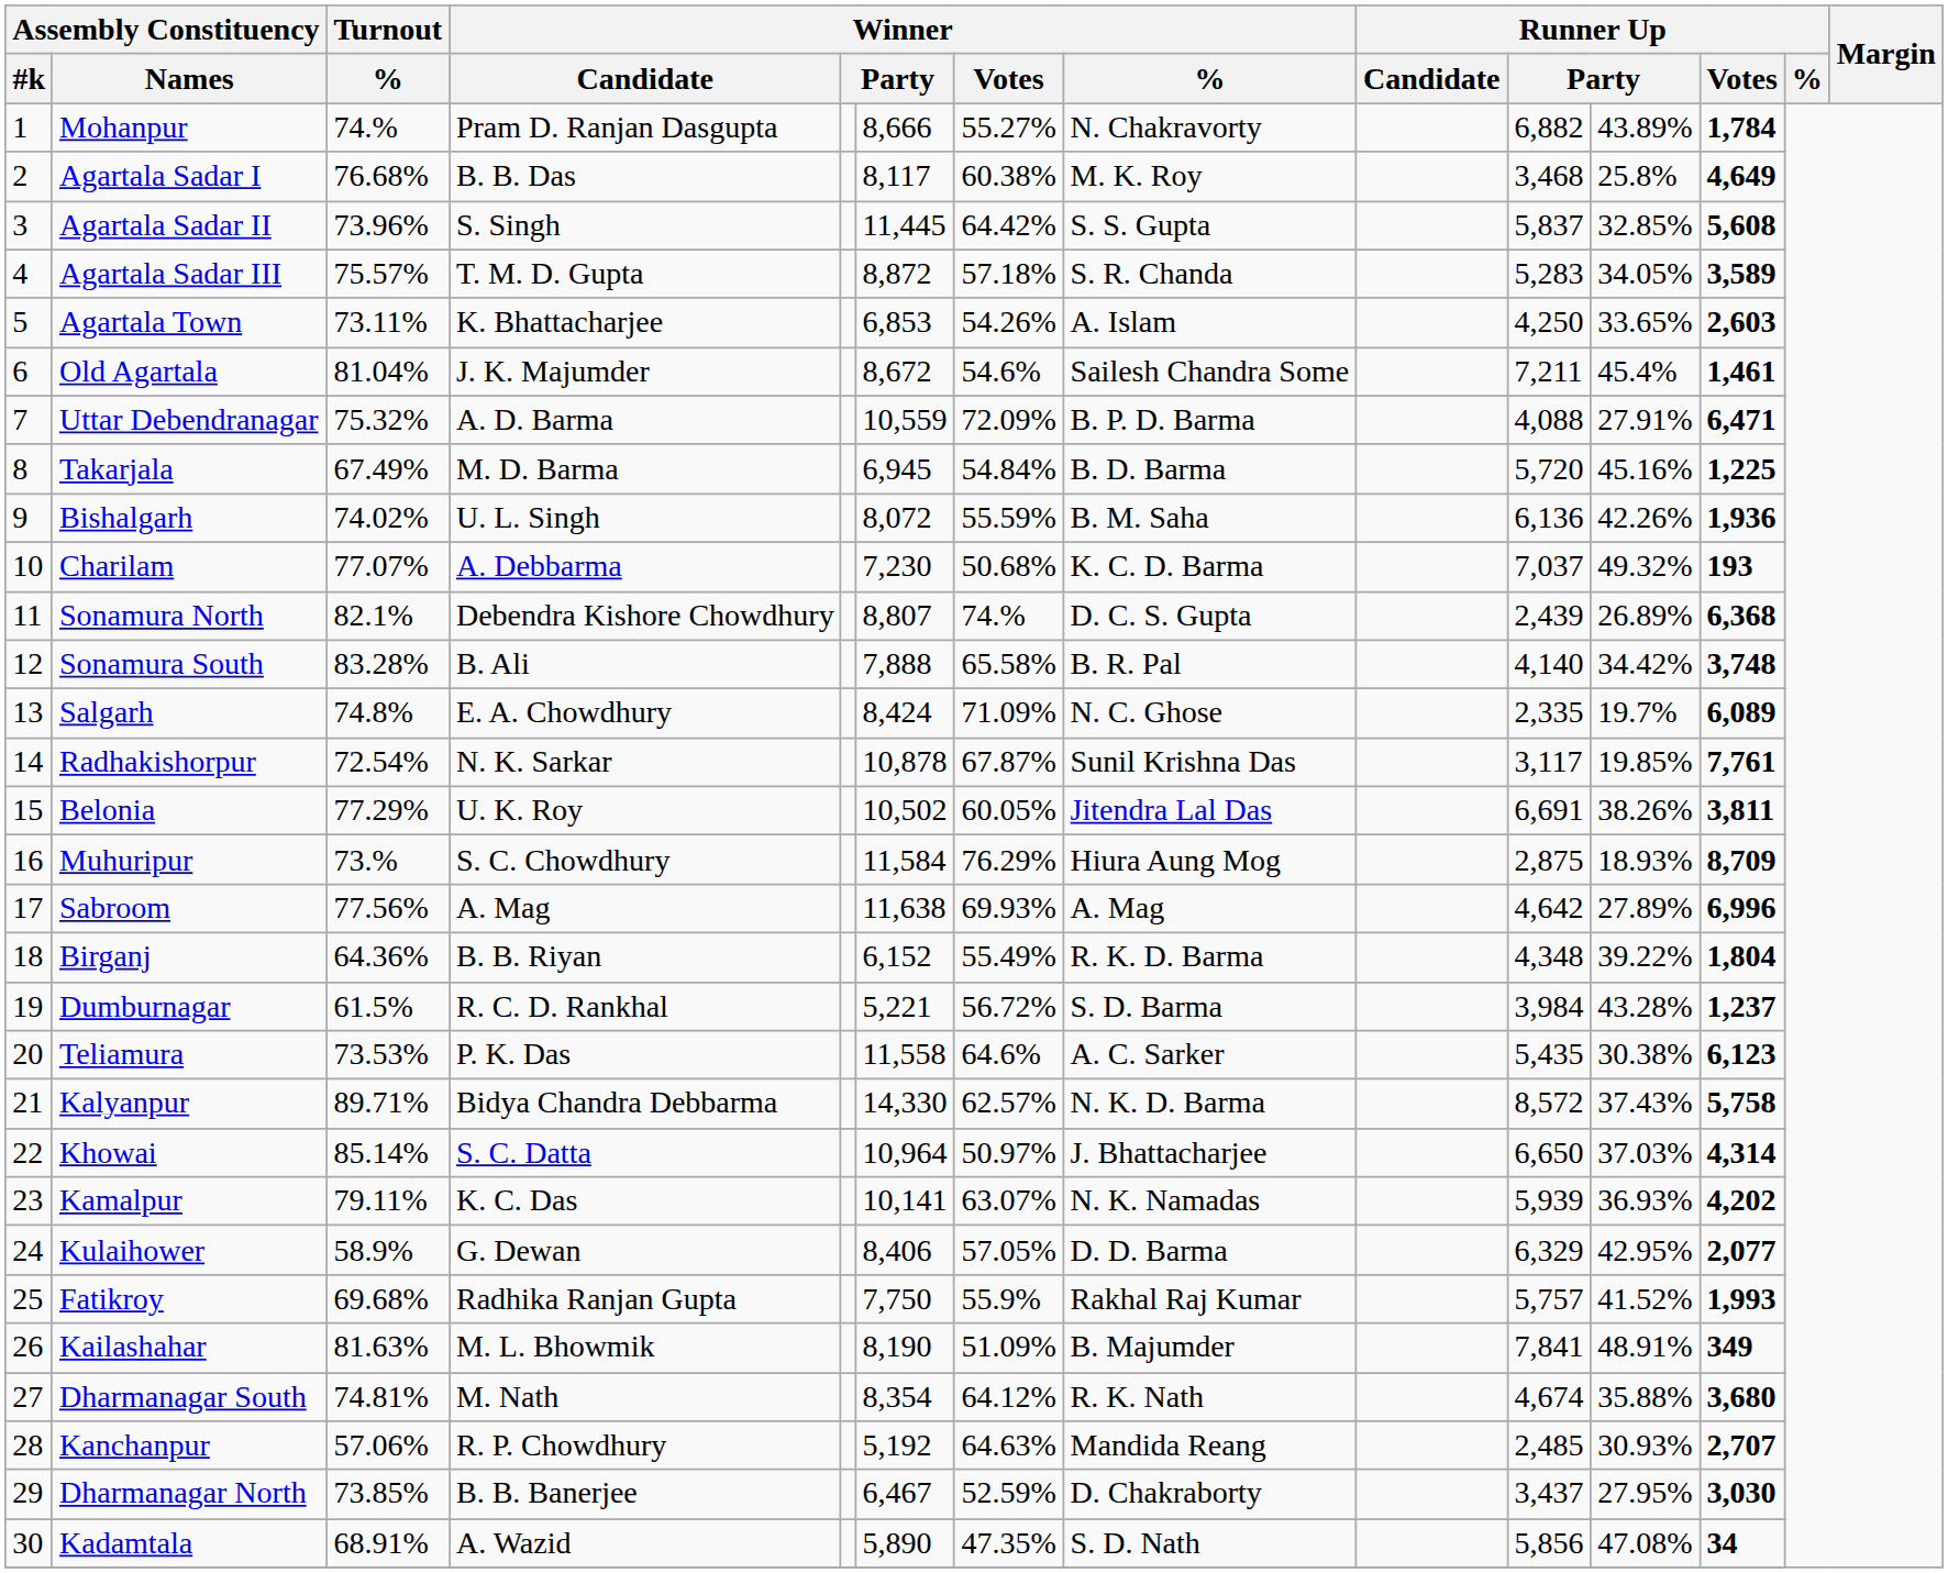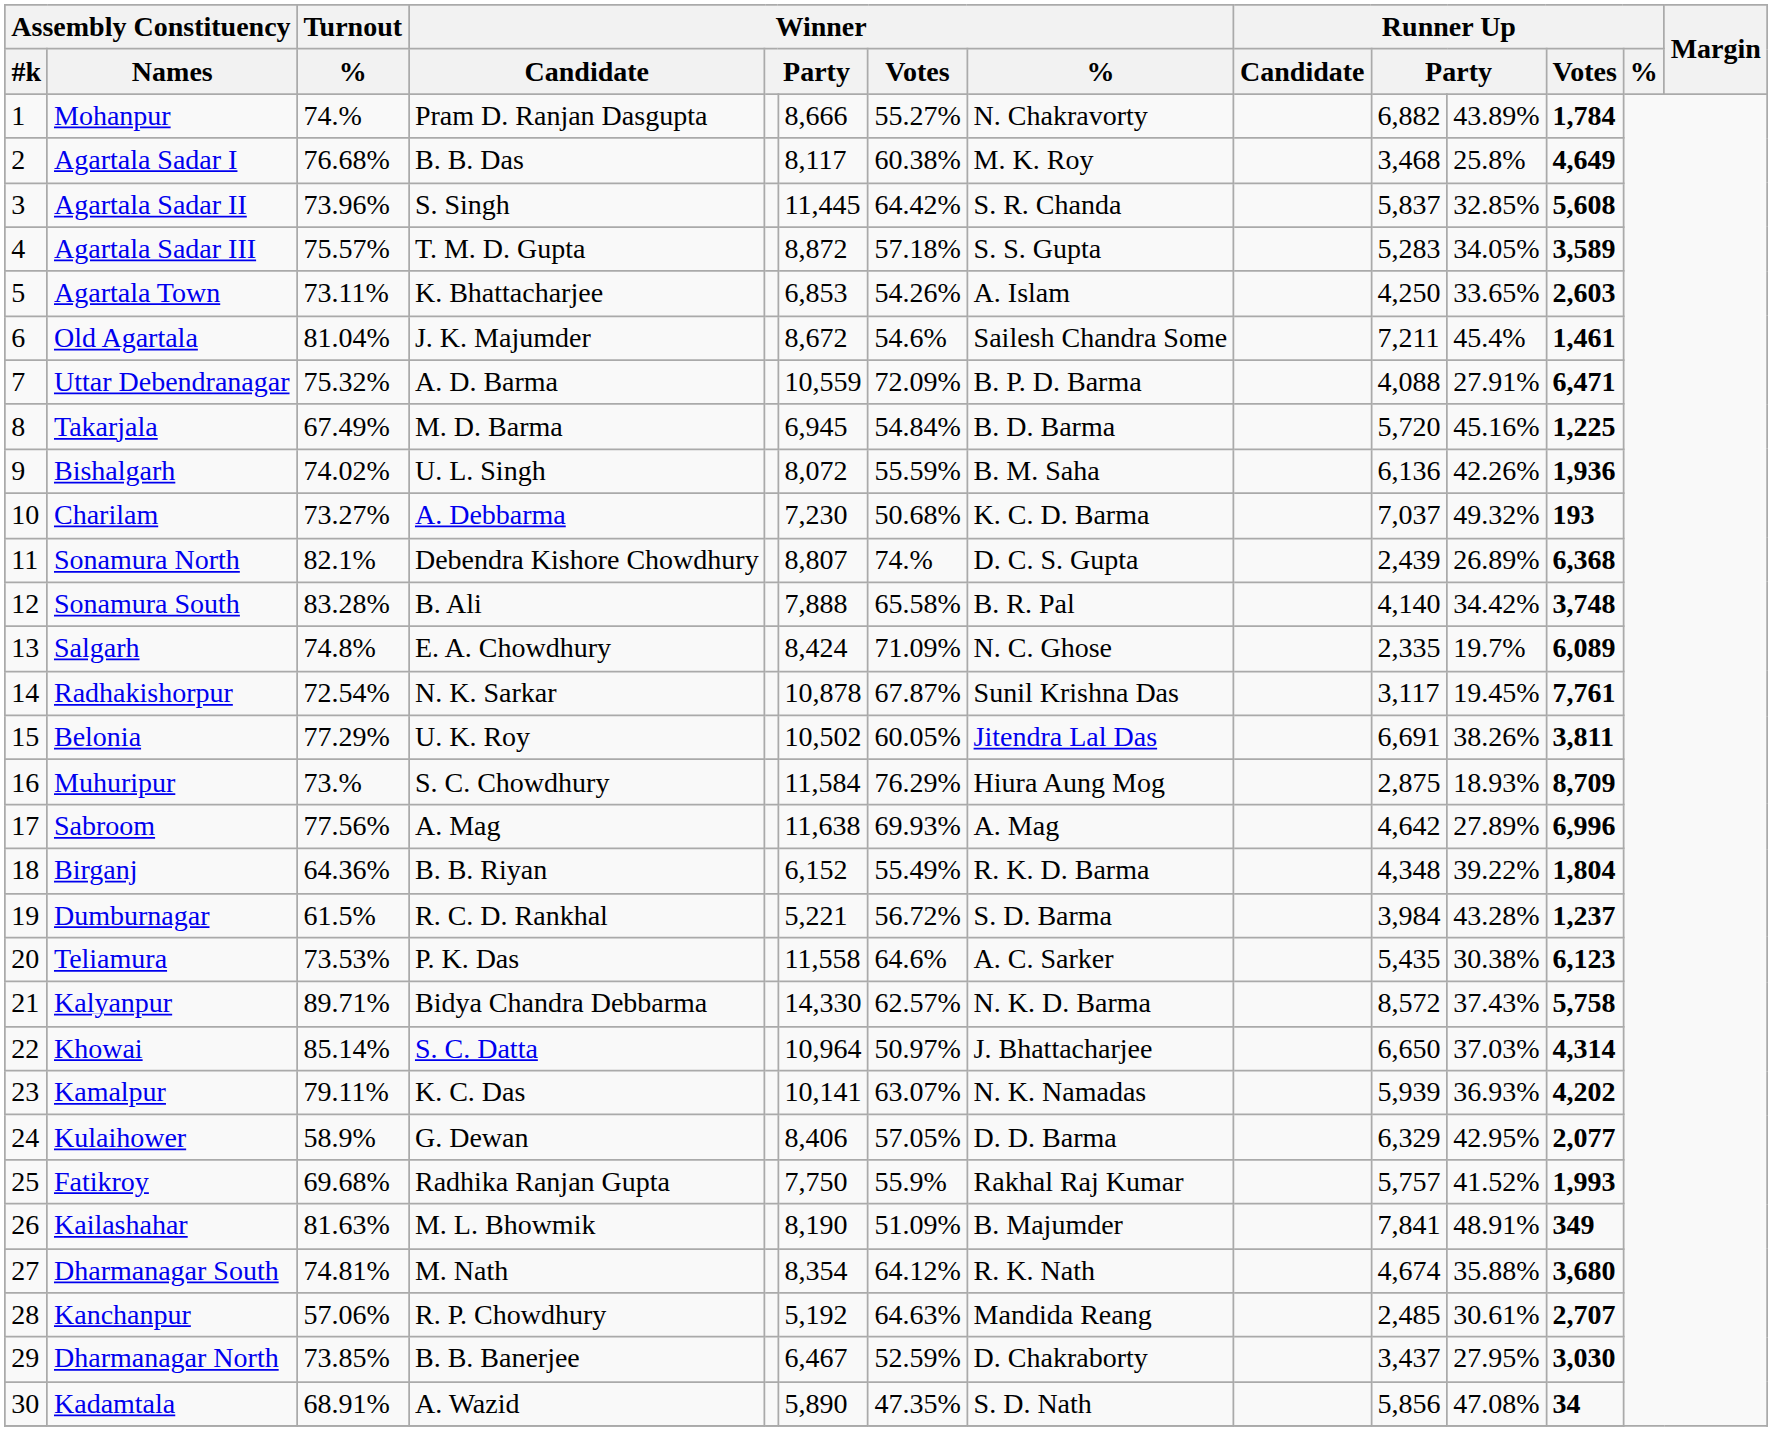 <table class="wikitable sortable">
 <tr>
 <th colspan="2">Assembly Constituency</th>
 <th>Turnout</th>
 <th colspan="5">Winner</th>
 <th colspan="5">Runner Up</th>
 <th rowspan="2" data-sort-type=number>Margin</th>
 </tr>
 <tr>
 <th>#k</th>
 <th>Names</th>
 <th>%</th>
 <th>Candidate</th>
 <th colspan="2">Party</th>
 <th data-sort-type=number>Votes</th>
 <th>%</th>
 <th>Candidate</th>
 <th colspan="2">Party</th>
 <th data-sort-type=number>Votes</th>
 <th>%</th>
 </tr>
 <tr>
 <td>1</td>
 <td><a href='#'>Mohanpur</a></td>
 <td>74.%</td>
 <td>Pram D. Ranjan Dasgupta</td>
 <td></td>
 <td>8,666</td>
 <td>55.27%</td>
 <td>N. Chakravorty</td>
 <td></td>
 <td>6,882</td>
 <td>43.89%</td>
 <td style="background:"><span><strong>1,784</strong></span></td>
 </tr>
 <tr>
 <td>2</td>
 <td><a href='#'>Agartala Sadar I</a></td>
 <td>76.68%</td>
 <td>B. B. Das</td>
 <td></td>
 <td>8,117</td>
 <td>60.38%</td>
 <td>M. K. Roy</td>
 <td></td>
 <td>3,468</td>
 <td>25.8%</td>
 <td style="background:"><span><strong>4,649</strong></span></td>
 </tr>
 <tr>
 <td>3</td>
 <td><a href='#'>Agartala Sadar II</a></td>
 <td>73.96%</td>
 <td>S. Singh</td>
 <td></td>
 <td>11,445</td>
 <td>64.42%</td>
-<td>S. S. Gupta</td>
+<td>S. R. Chanda</td>
 <td></td>
 <td>5,837</td>
 <td>32.85%</td>
 <td style="background:"><span><strong>5,608</strong></span></td>
 </tr>
 <tr>
 <td>4</td>
 <td><a href='#'>Agartala Sadar III</a></td>
 <td>75.57%</td>
 <td>T. M. D. Gupta</td>
 <td></td>
 <td>8,872</td>
 <td>57.18%</td>
-<td>S. R. Chanda</td>
+<td>S. S. Gupta</td>
 <td></td>
 <td>5,283</td>
 <td>34.05%</td>
 <td style="background:"><span><strong>3,589</strong></span></td>
 </tr>
 <tr>
 <td>5</td>
 <td><a href='#'>Agartala Town</a></td>
 <td>73.11%</td>
 <td>K. Bhattacharjee</td>
 <td></td>
 <td>6,853</td>
 <td>54.26%</td>
 <td>A. Islam</td>
 <td></td>
 <td>4,250</td>
 <td>33.65%</td>
 <td style="background:"><span><strong>2,603</strong></span></td>
 </tr>
 <tr>
 <td>6</td>
 <td><a href='#'>Old Agartala</a></td>
 <td>81.04%</td>
 <td>J. K. Majumder</td>
 <td></td>
 <td>8,672</td>
 <td>54.6%</td>
 <td>Sailesh Chandra Some</td>
 <td></td>
 <td>7,211</td>
 <td>45.4%</td>
 <td style="background:"><span><strong>1,461</strong></span></td>
 </tr>
 <tr>
 <td>7</td>
 <td><a href='#'>Uttar Debendranagar</a></td>
 <td>75.32%</td>
 <td>A. D. Barma</td>
 <td></td>
 <td>10,559</td>
 <td>72.09%</td>
 <td>B. P. D. Barma</td>
 <td></td>
 <td>4,088</td>
 <td>27.91%</td>
 <td style="background:"><span><strong>6,471</strong></span></td>
 </tr>
 <tr>
 <td>8</td>
 <td><a href='#'>Takarjala</a></td>
 <td>67.49%</td>
 <td>M. D. Barma</td>
 <td></td>
 <td>6,945</td>
 <td>54.84%</td>
 <td>B. D. Barma</td>
 <td></td>
 <td>5,720</td>
 <td>45.16%</td>
 <td style="background:"><span><strong>1,225</strong></span></td>
 </tr>
 <tr>
 <td>9</td>
 <td><a href='#'>Bishalgarh</a></td>
 <td>74.02%</td>
 <td>U. L. Singh</td>
 <td></td>
 <td>8,072</td>
 <td>55.59%</td>
 <td>B. M. Saha</td>
 <td></td>
 <td>6,136</td>
 <td>42.26%</td>
 <td style="background:"><span><strong>1,936</strong></span></td>
 </tr>
 <tr>
 <td>10</td>
 <td><a href='#'>Charilam</a></td>
-<td>77.07%</td>
+<td>73.27%</td>
 <td><a href='#'>A. Debbarma</a></td>
 <td></td>
 <td>7,230</td>
 <td>50.68%</td>
 <td>K. C. D. Barma</td>
 <td></td>
 <td>7,037</td>
 <td>49.32%</td>
 <td style="background:"><span><strong>193</strong></span></td>
 </tr>
 <tr>
 <td>11</td>
 <td><a href='#'>Sonamura North</a></td>
 <td>82.1%</td>
 <td>Debendra Kishore Chowdhury</td>
 <td></td>
 <td>8,807</td>
 <td>74.%</td>
 <td>D. C. S. Gupta</td>
 <td></td>
 <td>2,439</td>
 <td>26.89%</td>
 <td style="background:"><span><strong>6,368</strong></span></td>
 </tr>
 <tr>
 <td>12</td>
 <td><a href='#'>Sonamura South</a></td>
 <td>83.28%</td>
 <td>B. Ali</td>
 <td></td>
 <td>7,888</td>
 <td>65.58%</td>
 <td>B. R. Pal</td>
 <td></td>
 <td>4,140</td>
 <td>34.42%</td>
 <td style="background:"><span><strong>3,748</strong></span></td>
 </tr>
 <tr>
 <td>13</td>
 <td><a href='#'>Salgarh</a></td>
 <td>74.8%</td>
 <td>E. A. Chowdhury</td>
 <td></td>
 <td>8,424</td>
 <td>71.09%</td>
 <td>N. C. Ghose</td>
 <td></td>
 <td>2,335</td>
 <td>19.7%</td>
 <td style="background:"><span><strong>6,089</strong></span></td>
 </tr>
 <tr>
 <td>14</td>
 <td><a href='#'>Radhakishorpur</a></td>
 <td>72.54%</td>
 <td>N. K. Sarkar</td>
 <td></td>
 <td>10,878</td>
 <td>67.87%</td>
 <td>Sunil Krishna Das</td>
 <td></td>
 <td>3,117</td>
-<td>19.85%</td>
+<td>19.45%</td>
 <td style="background:"><span><strong>7,761</strong></span></td>
 </tr>
 <tr>
 <td>15</td>
 <td><a href='#'>Belonia</a></td>
 <td>77.29%</td>
 <td>U. K. Roy</td>
 <td></td>
 <td>10,502</td>
 <td>60.05%</td>
 <td><a href='#'>Jitendra Lal Das</a></td>
 <td></td>
 <td>6,691</td>
 <td>38.26%</td>
 <td style="background:"><span><strong>3,811</strong></span></td>
 </tr>
 <tr>
 <td>16</td>
 <td><a href='#'>Muhuripur</a></td>
 <td>73.%</td>
 <td>S. C. Chowdhury</td>
 <td></td>
 <td>11,584</td>
 <td>76.29%</td>
 <td>Hiura Aung Mog</td>
 <td></td>
 <td>2,875</td>
 <td>18.93%</td>
 <td style="background:"><span><strong>8,709</strong></span></td>
 </tr>
 <tr>
 <td>17</td>
 <td><a href='#'>Sabroom</a></td>
 <td>77.56%</td>
 <td>A. Mag</td>
 <td></td>
 <td>11,638</td>
 <td>69.93%</td>
 <td>A. Mag</td>
 <td></td>
 <td>4,642</td>
 <td>27.89%</td>
 <td style="background:"><span><strong>6,996</strong></span></td>
 </tr>
 <tr>
 <td>18</td>
 <td><a href='#'>Birganj</a></td>
 <td>64.36%</td>
 <td>B. B. Riyan</td>
 <td></td>
 <td>6,152</td>
 <td>55.49%</td>
 <td>R. K. D. Barma</td>
 <td></td>
 <td>4,348</td>
 <td>39.22%</td>
 <td style="background:"><span><strong>1,804</strong></span></td>
 </tr>
 <tr>
 <td>19</td>
 <td><a href='#'>Dumburnagar</a></td>
 <td>61.5%</td>
 <td>R. C. D. Rankhal</td>
 <td></td>
 <td>5,221</td>
 <td>56.72%</td>
 <td>S. D. Barma</td>
 <td></td>
 <td>3,984</td>
 <td>43.28%</td>
 <td style="background:"><span><strong>1,237</strong></span></td>
 </tr>
 <tr>
 <td>20</td>
 <td><a href='#'>Teliamura</a></td>
 <td>73.53%</td>
 <td>P. K. Das</td>
 <td></td>
 <td>11,558</td>
 <td>64.6%</td>
 <td>A. C. Sarker</td>
 <td></td>
 <td>5,435</td>
 <td>30.38%</td>
 <td style="background:"><span><strong>6,123</strong></span></td>
 </tr>
 <tr>
 <td>21</td>
 <td><a href='#'>Kalyanpur</a></td>
 <td>89.71%</td>
 <td>Bidya Chandra Debbarma</td>
 <td></td>
 <td>14,330</td>
 <td>62.57%</td>
 <td>N. K. D. Barma</td>
 <td></td>
 <td>8,572</td>
 <td>37.43%</td>
 <td style="background:"><span><strong>5,758</strong></span></td>
 </tr>
 <tr>
 <td>22</td>
 <td><a href='#'>Khowai</a></td>
 <td>85.14%</td>
 <td><a href='#'>S. C. Datta</a></td>
 <td></td>
 <td>10,964</td>
 <td>50.97%</td>
 <td>J. Bhattacharjee</td>
 <td></td>
 <td>6,650</td>
 <td>37.03%</td>
 <td style="background:"><span><strong>4,314</strong></span></td>
 </tr>
 <tr>
 <td>23</td>
 <td><a href='#'>Kamalpur</a></td>
 <td>79.11%</td>
 <td>K. C. Das</td>
 <td></td>
 <td>10,141</td>
 <td>63.07%</td>
 <td>N. K. Namadas</td>
 <td></td>
 <td>5,939</td>
 <td>36.93%</td>
 <td style="background:"><span><strong>4,202</strong></span></td>
 </tr>
 <tr>
 <td>24</td>
 <td><a href='#'>Kulaihower</a></td>
 <td>58.9%</td>
 <td>G. Dewan</td>
 <td></td>
 <td>8,406</td>
 <td>57.05%</td>
 <td>D. D. Barma</td>
 <td></td>
 <td>6,329</td>
 <td>42.95%</td>
 <td style="background:"><span><strong>2,077</strong></span></td>
 </tr>
 <tr>
 <td>25</td>
 <td><a href='#'>Fatikroy</a></td>
 <td>69.68%</td>
 <td>Radhika Ranjan Gupta</td>
 <td></td>
 <td>7,750</td>
 <td>55.9%</td>
 <td>Rakhal Raj Kumar</td>
 <td></td>
 <td>5,757</td>
 <td>41.52%</td>
 <td style="background:"><span><strong>1,993</strong></span></td>
 </tr>
 <tr>
 <td>26</td>
 <td><a href='#'>Kailashahar</a></td>
 <td>81.63%</td>
 <td>M. L. Bhowmik</td>
 <td></td>
 <td>8,190</td>
 <td>51.09%</td>
 <td>B. Majumder</td>
 <td></td>
 <td>7,841</td>
 <td>48.91%</td>
 <td style="background:"><span><strong>349</strong></span></td>
 </tr>
 <tr>
 <td>27</td>
 <td><a href='#'>Dharmanagar South</a></td>
 <td>74.81%</td>
 <td>M. Nath</td>
 <td></td>
 <td>8,354</td>
 <td>64.12%</td>
 <td>R. K. Nath</td>
 <td></td>
 <td>4,674</td>
 <td>35.88%</td>
 <td style="background:"><span><strong>3,680</strong></span></td>
 </tr>
 <tr>
 <td>28</td>
 <td><a href='#'>Kanchanpur</a></td>
 <td>57.06%</td>
 <td>R. P. Chowdhury</td>
 <td></td>
 <td>5,192</td>
 <td>64.63%</td>
 <td>Mandida Reang</td>
 <td></td>
 <td>2,485</td>
-<td>30.93%</td>
+<td>30.61%</td>
 <td style="background:"><span><strong>2,707</strong></span></td>
 </tr>
 <tr>
 <td>29</td>
 <td><a href='#'>Dharmanagar North</a></td>
 <td>73.85%</td>
 <td>B. B. Banerjee</td>
 <td></td>
 <td>6,467</td>
 <td>52.59%</td>
 <td>D. Chakraborty</td>
 <td></td>
 <td>3,437</td>
 <td>27.95%</td>
 <td style="background:"><span><strong>3,030</strong></span></td>
 </tr>
 <tr>
 <td>30</td>
 <td><a href='#'>Kadamtala</a></td>
 <td>68.91%</td>
 <td>A. Wazid</td>
 <td></td>
 <td>5,890</td>
 <td>47.35%</td>
 <td>S. D. Nath</td>
 <td></td>
 <td>5,856</td>
 <td>47.08%</td>
 <td style="background:"><span><strong>34</strong></span></td>
 </tr>
 <tr>
 </tr>
 </table>
